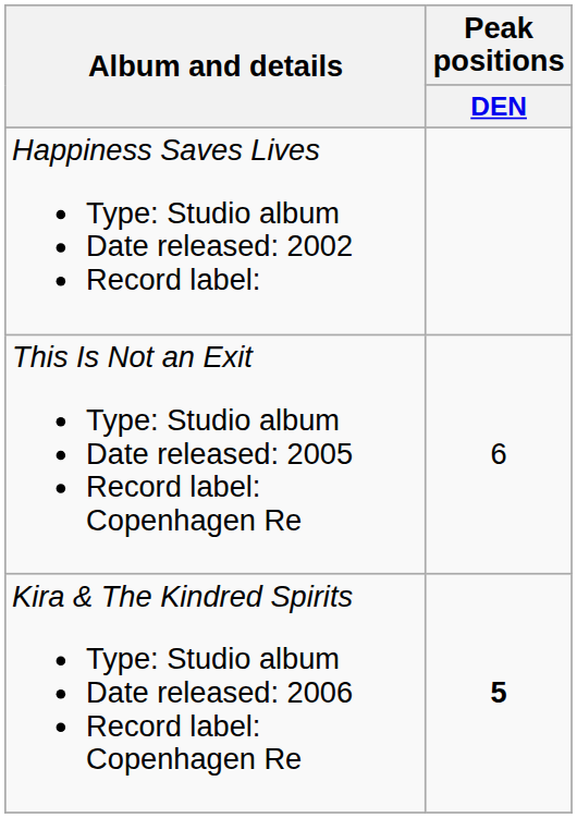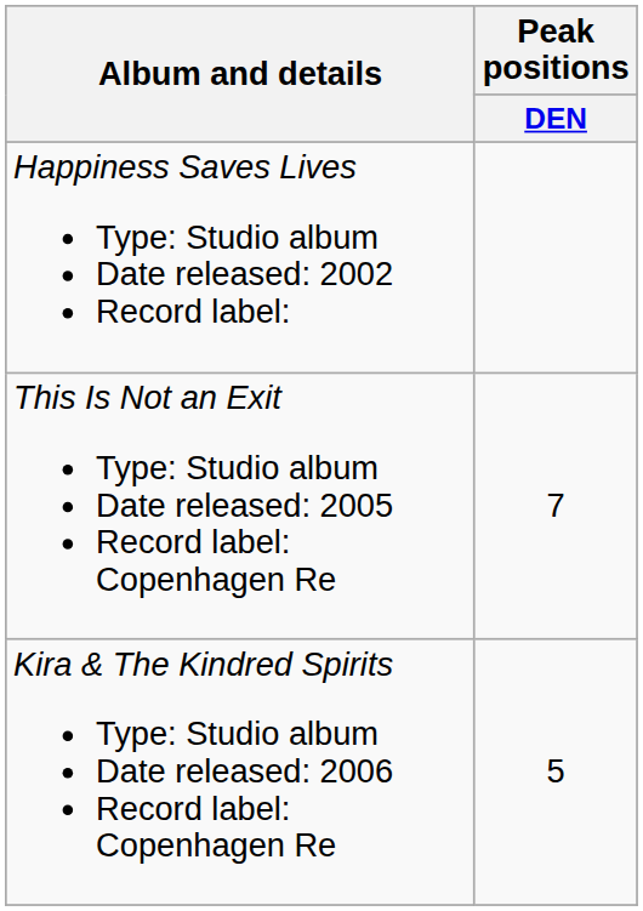 <table class="wikitable">
 <tr>
 <th align="center" rowspan="2" width="220">Album and details</th>
 <th align="center" colspan="1" width="20">Peak positions</th>
 </tr>
 <tr>
 <th scope="col" style="width:3em;font-size:90%;"><a href='#'>DEN</a><br></th>
 </tr>
 <tr>
 <td><em>Happiness Saves Lives</em><br><ul><li>Type: Studio album</li><li>Date released: 2002</li><li>Record label:</li></ul></td>
 <td style="text-align:center;"></td>
 </tr>
 <tr>
 <td><em>This Is Not an Exit</em><br><ul><li>Type: Studio album</li><li>Date released: 2005</li><li>Record label: Copenhagen Re</li></ul></td>
-<td style="text-align:center;">6</td>
+<td style="text-align:center;">7</td>
 </tr>
 <tr>
 <td><em>Kira & The Kindred Spirits</em><br><ul><li>Type: Studio album</li><li>Date released: 2006</li><li>Record label: Copenhagen Re</li></ul></td>
-<td style="text-align:center;"><strong>5</strong></td>
+<td style="text-align:center;">5</td>
 </tr>
 </table>
